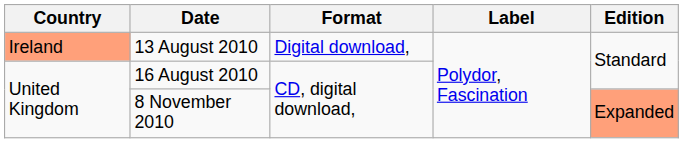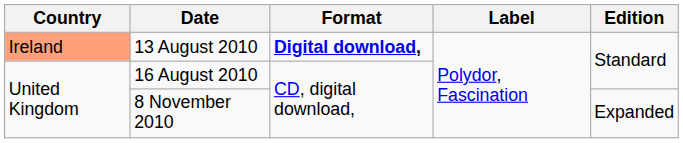 <table class="wikitable plainrowheaders">
 <tr>
 <th scope="col">Country</th>
 <th scope="col">Date</th>
 <th scope="col">Format</th>
 <th scope="col">Label</th>
 <th scope="col">Edition</th>
 </tr>
 <tr>
 <td rowspan="1" style="background: lightsalmon;">Ireland</td>
 <td>13 August 2010</td>
-<td><a href='#'>Digital download</a>,</td>
+<td><strong><a href='#'>Digital download</a>,</strong></td>
 <td rowspan="3"><a href='#'>Polydor</a>, <a href='#'>Fascination</a></td>
 <td rowspan="2">Standard</td>
 </tr>
 <tr>
 <td rowspan="2">United Kingdom</td>
 <td>16 August 2010</td>
 <td rowspan="2"><a href='#'>CD</a>, digital download,</td>
 </tr>
 <tr>
 <td>8 November 2010</td>
-<td style="background: lightsalmon;">Expanded</td>
+<td>Expanded</td>
 </tr>
 </table>
